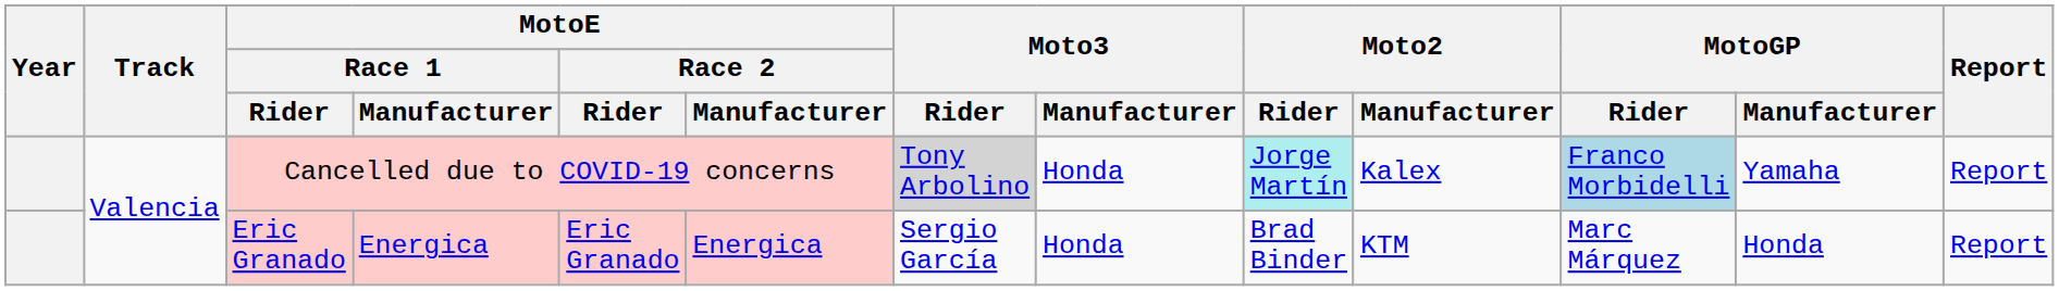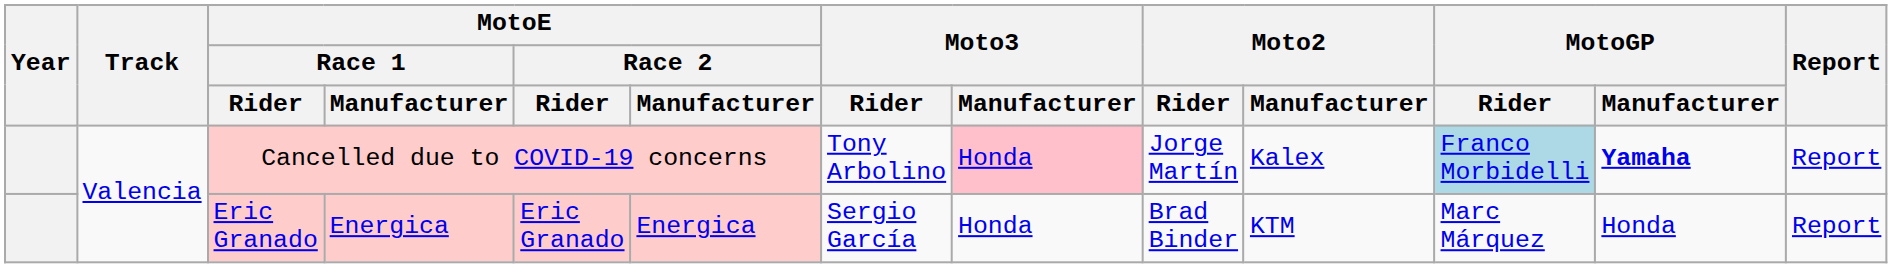 <table class="wikitable" style="font-size: 95%;">
 <tr>
 <th rowspan=3>Year</th>
 <th rowspan=3>Track</th>
 <th colspan=4>MotoE</th>
 <th colspan=2 rowspan=2>Moto3</th>
 <th colspan=2 rowspan=2>Moto2</th>
 <th colspan=2 rowspan=2>MotoGP</th>
 <th rowspan=3>Report</th>
 </tr>
 <tr>
 <th colspan=2>Race 1</th>
 <th colspan=2>Race 2</th>
 </tr>
 <tr>
 <th>Rider</th>
 <th>Manufacturer</th>
 <th>Rider</th>
 <th>Manufacturer</th>
 <th>Rider</th>
 <th>Manufacturer</th>
 <th>Rider</th>
 <th>Manufacturer</th>
 <th>Rider</th>
 <th>Manufacturer</th>
 </tr>
 <tr>
 <th></th>
 <td rowspan="2"><a href='#'>Valencia</a></td>
 <td style="background:#FFCCCC;" align=center colspan=4>Cancelled due to <a href='#'>COVID-19</a> concerns</td>
-<td style="background: lightgrey;"> <a href='#'>Tony Arbolino</a></td>
-<td><a href='#'>Honda</a></td>
-<td style="background: paleturquoise;"> <a href='#'>Jorge Martín</a></td>
+<td> <a href='#'>Tony Arbolino</a></td>
+<td style="background: pink;"><a href='#'>Honda</a></td>
+<td> <a href='#'>Jorge Martín</a></td>
 <td><a href='#'>Kalex</a></td>
 <td style="background: lightblue;"> <a href='#'>Franco Morbidelli</a></td>
-<td><a href='#'>Yamaha</a></td>
+<td><strong><a href='#'>Yamaha</a></strong></td>
 <td><a href='#'>Report</a></td>
 </tr>
 <tr>
 <th></th>
 <td style="background:#FFCCCC;"> <a href='#'>Eric Granado</a></td>
 <td style="background:#FFCCCC;"><a href='#'>Energica</a></td>
 <td style="background:#FFCCCC;"> <a href='#'>Eric Granado</a></td>
 <td style="background:#FFCCCC;"><a href='#'>Energica</a></td>
 <td> <a href='#'>Sergio García</a></td>
 <td><a href='#'>Honda</a></td>
 <td> <a href='#'>Brad Binder</a></td>
 <td><a href='#'>KTM</a></td>
 <td> <a href='#'>Marc Márquez</a></td>
 <td><a href='#'>Honda</a></td>
 <td><a href='#'>Report</a></td>
 </tr>
 </table>
